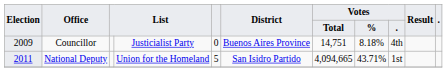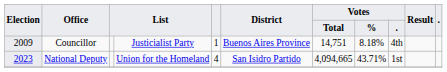 <table class="wikitable" style="font-size:90%; text-align:center;">
 <tr>
 <th style="background-color:#EAECF0;" rowspan=2>Election</th>
 <th style="background-color:#EAECF0;" rowspan=2>Office</th>
 <th style="background-color:#EAECF0;" colspan=2 rowspan=2>List</th>
 <th style="background-color:#EAECF0;" rowspan=2></th>
 <th style="background-color:#EAECF0;" rowspan=2>District</th>
 <th style="background-color:#EAECF0;" colspan=3>Votes</th>
 <th style="background-color:#EAECF0;" rowspan=2>Result</th>
 <th style="background-color:#EAECF0;" rowspan=2>.</th>
 </tr>
 <tr>
 <th style="background-color:#EAECF0;">Total</th>
 <th style="background-color:#EAECF0;">%</th>
 <th style="background-color:#EAECF0;">.</th>
 </tr>
 <tr>
 <td style="background-color:#EAECF0;">2009</td>
 <td>Councillor</td>
 <td style="background-color:"></td>
 <td><a href='#'>Justicialist Party</a></td>
-<td>0</td>
+<td>1</td>
 <td><a href='#'>Buenos Aires Province</a></td>
 <td>14,751</td>
 <td>8.18%</td>
 <td>4th</td>
 <td></td>
 <td></td>
 </tr>
 <tr>
-<td style="background-color:#EAECF0;"><a href='#'>2011</a></td>
+<td style="background-color:#EAECF0;"><a href='#'>2023</a></td>
 <td><a href='#'>National Deputy</a></td>
 <td style="background-color:"></td>
 <td><a href='#'>Union for the Homeland</a></td>
-<td>5</td>
+<td>4</td>
 <td><a href='#'>San Isidro Partido</a></td>
 <td>4,094,665</td>
 <td>43.71%</td>
 <td>1st</td>
 <td></td>
 <td></td>
 </tr>
 <tr>
 </tr>
 </table>
